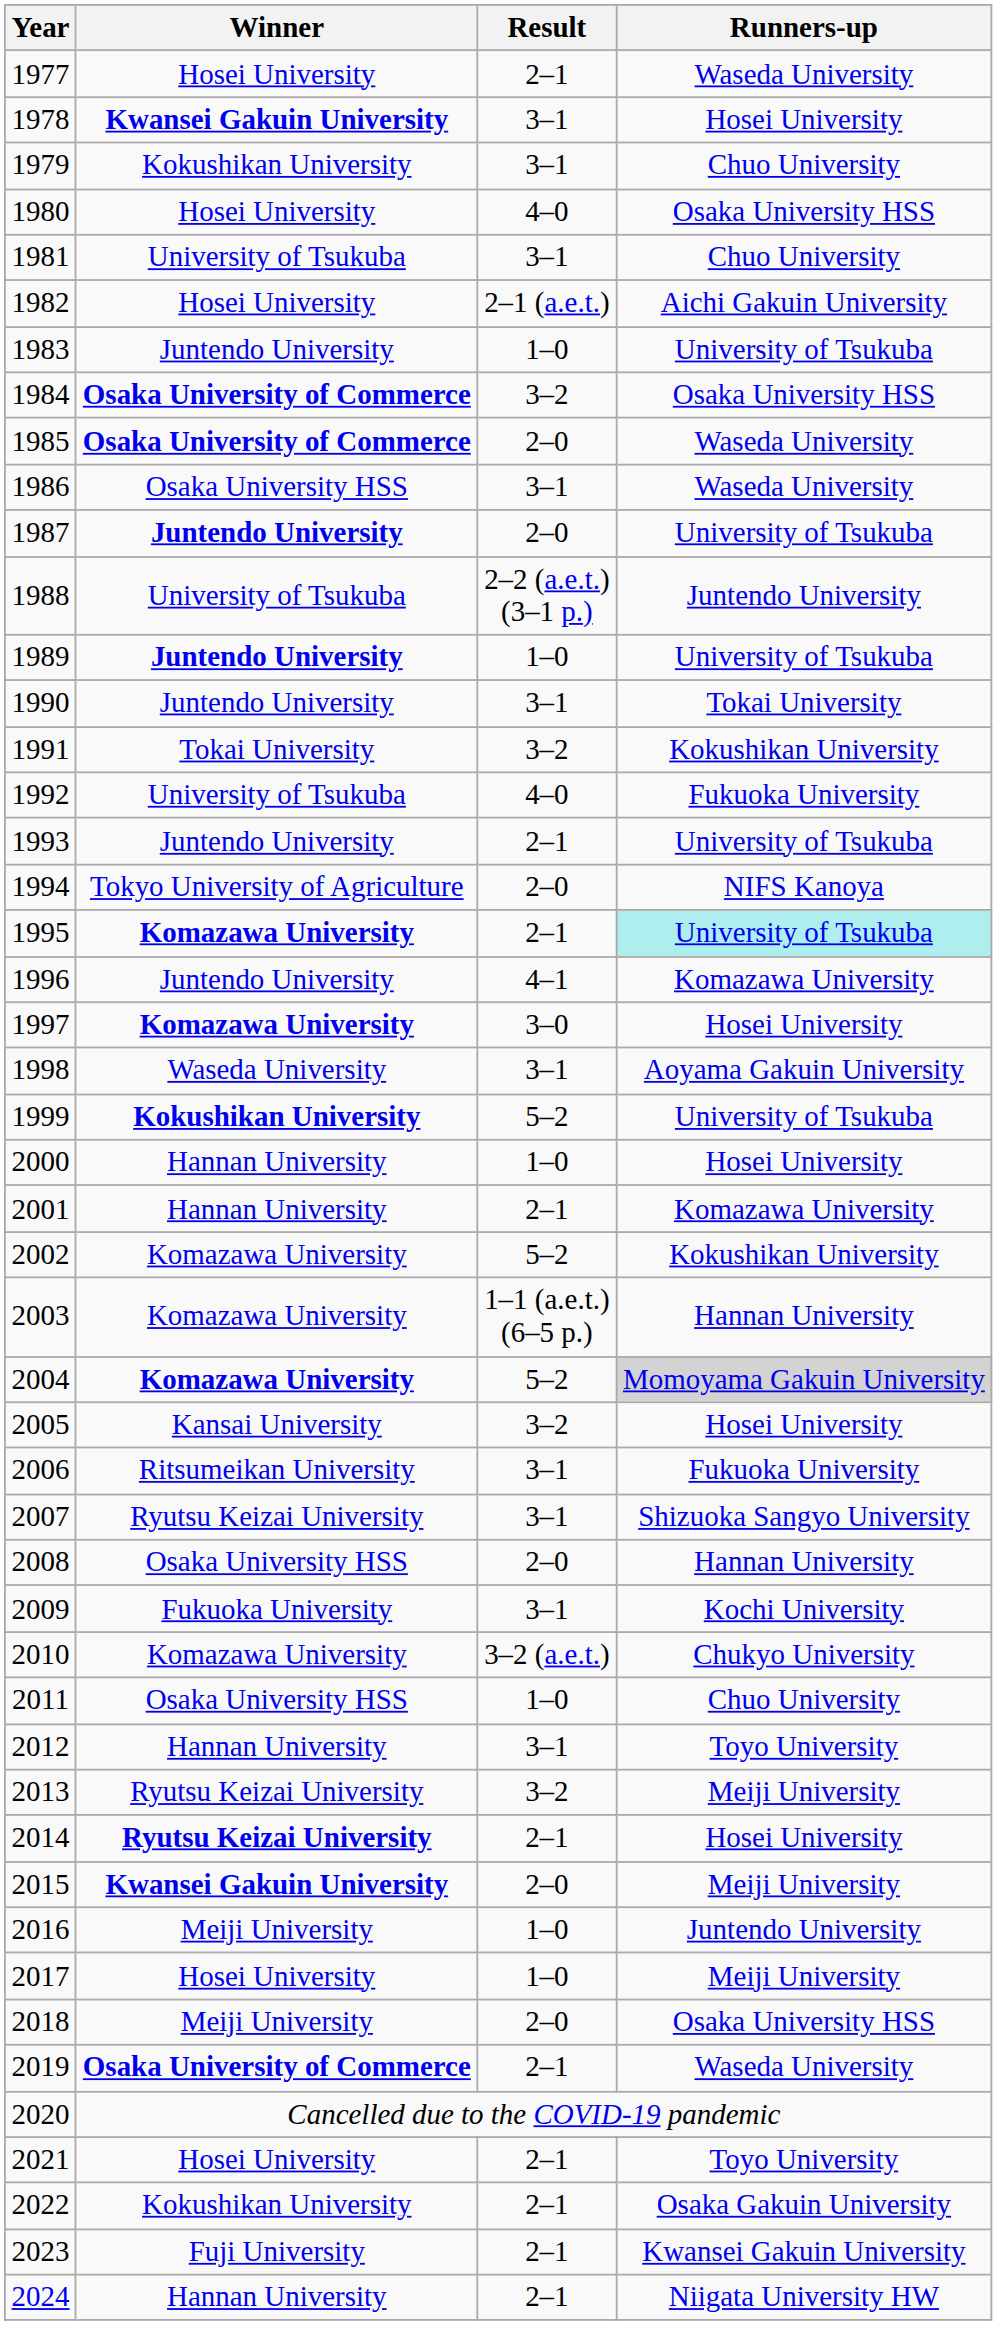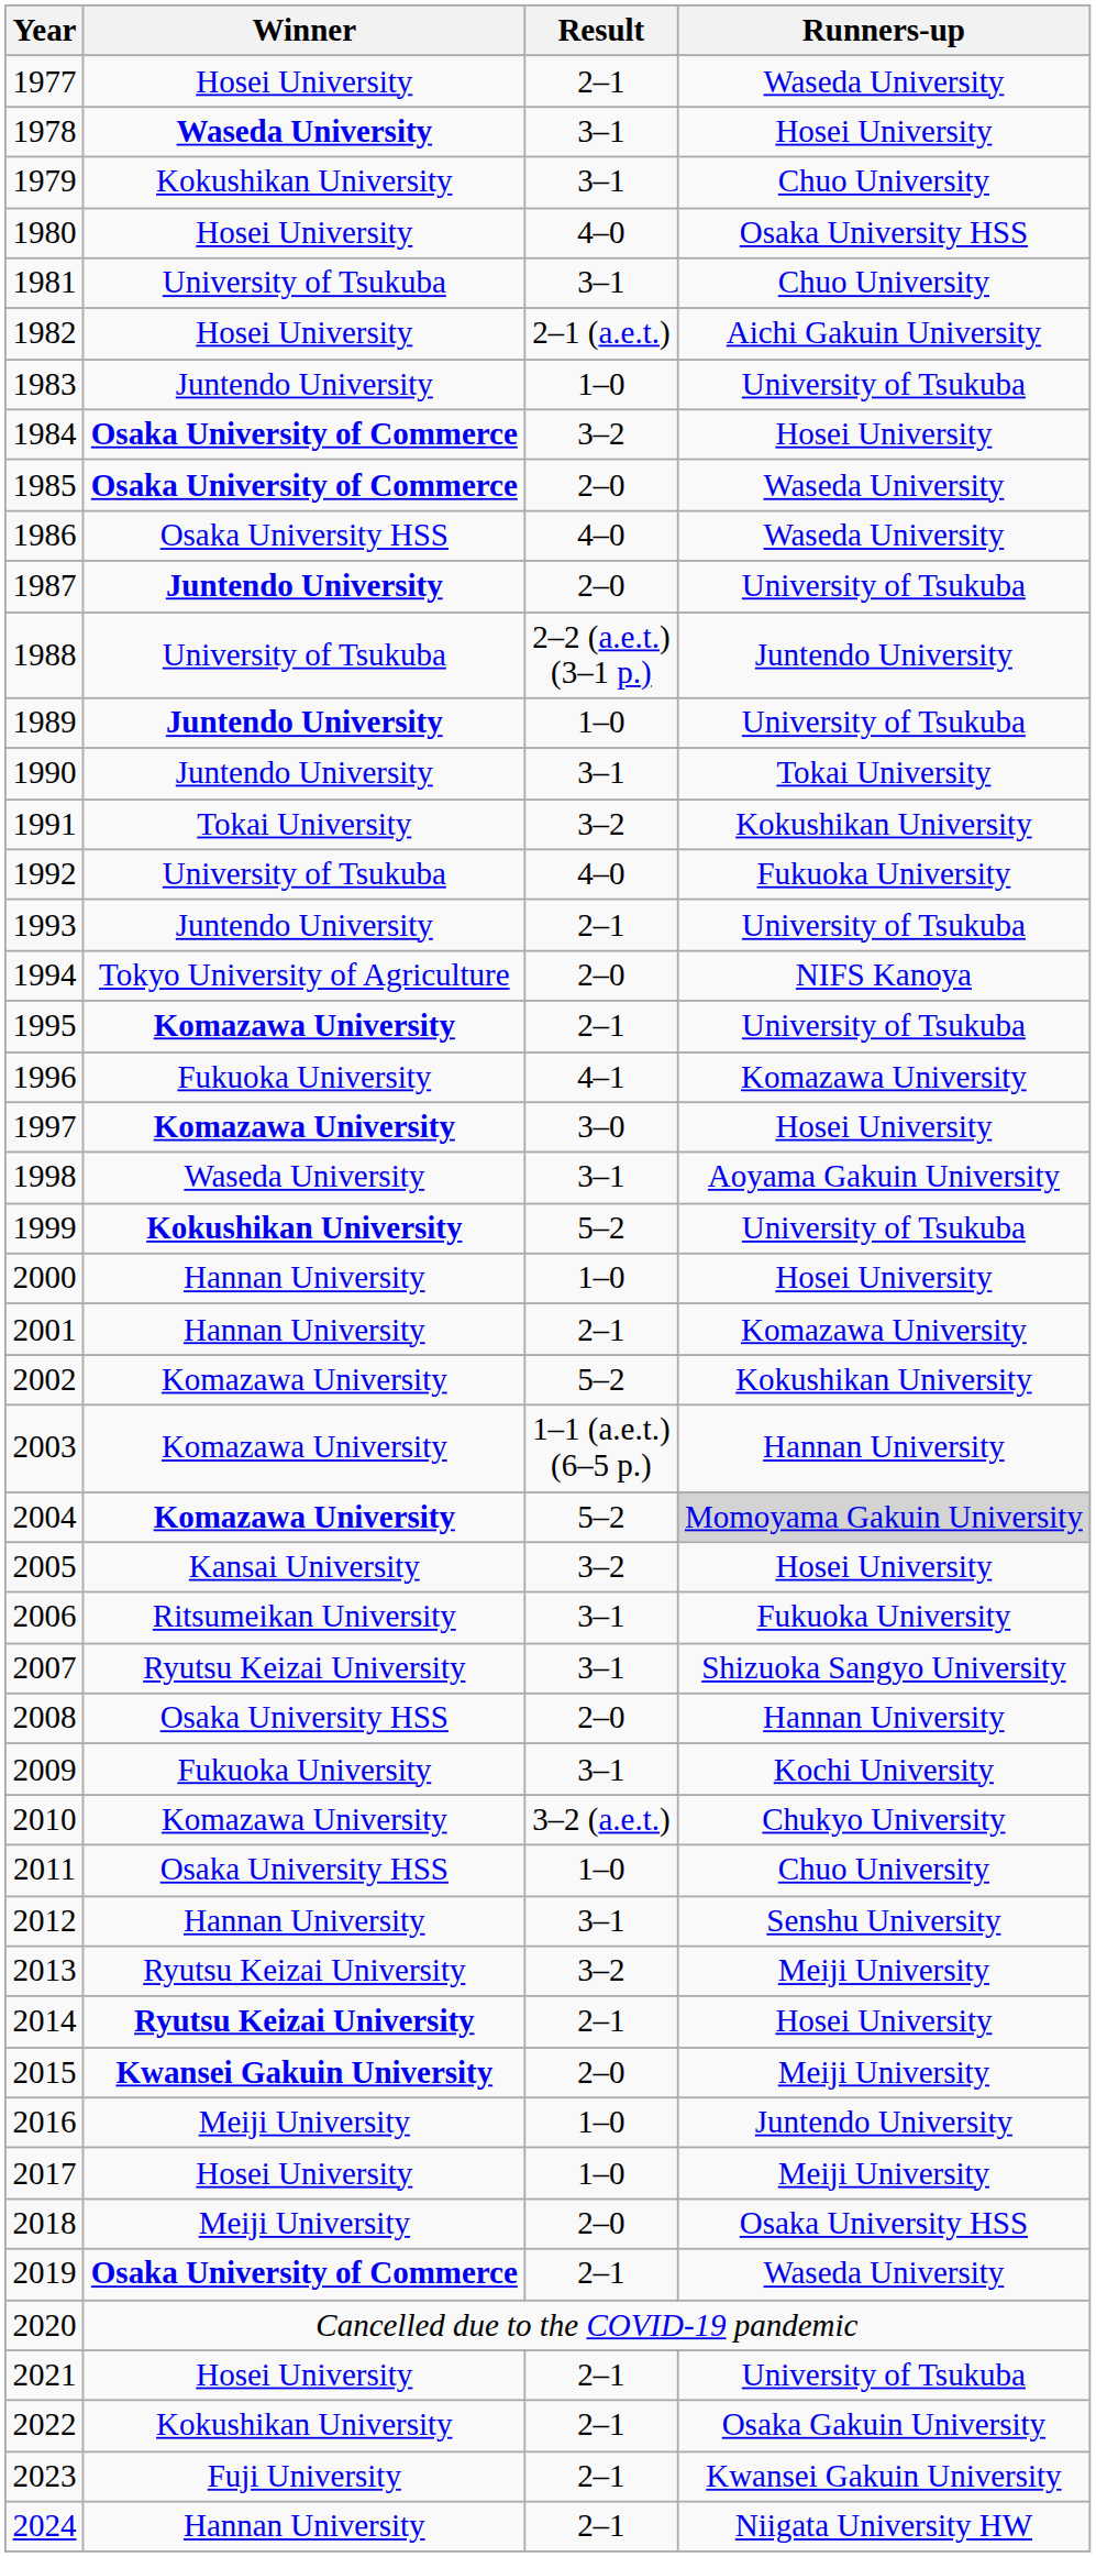 <table class="sortable wikitable" style="text-align: center;">
 <tr>
 <th>Year</th>
 <th>Winner</th>
 <th>Result</th>
 <th>Runners-up</th>
 </tr>
 <tr>
 <td>1977</td>
 <td><a href='#'>Hosei University</a></td>
 <td>2–1</td>
 <td><a href='#'>Waseda University</a></td>
 </tr>
 <tr>
 <td>1978</td>
-<td><strong><a href='#'>Kwansei Gakuin University</a></strong></td>
+<td><strong><a href='#'>Waseda  University</a></strong></td>
 <td>3–1</td>
 <td><a href='#'>Hosei University</a></td>
 </tr>
 <tr>
 <td>1979</td>
 <td><a href='#'>Kokushikan University</a></td>
 <td>3–1</td>
 <td><a href='#'>Chuo University</a></td>
 </tr>
 <tr>
 <td>1980</td>
 <td><a href='#'>Hosei University</a></td>
 <td>4–0</td>
 <td><a href='#'>Osaka University HSS</a></td>
 </tr>
 <tr>
 <td>1981</td>
 <td><a href='#'>University of Tsukuba</a></td>
 <td>3–1</td>
 <td><a href='#'>Chuo University</a></td>
 </tr>
 <tr>
 <td>1982</td>
 <td><a href='#'>Hosei University</a></td>
 <td>2–1 (<a href='#'>a.e.t.</a>)</td>
 <td><a href='#'>Aichi Gakuin University</a></td>
 </tr>
 <tr>
 <td>1983</td>
 <td><a href='#'>Juntendo University</a></td>
 <td>1–0</td>
 <td><a href='#'>University of Tsukuba</a></td>
 </tr>
 <tr>
 <td>1984</td>
 <td><strong><a href='#'>Osaka University of Commerce</a></strong></td>
 <td>3–2</td>
-<td><a href='#'>Osaka University HSS</a></td>
+<td><a href='#'>Hosei University</a></td>
 </tr>
 <tr>
 <td>1985</td>
 <td><strong><a href='#'>Osaka University of Commerce</a></strong></td>
 <td>2–0</td>
 <td><a href='#'>Waseda University</a></td>
 </tr>
 <tr>
 <td>1986</td>
 <td><a href='#'>Osaka University HSS</a></td>
-<td>3–1</td>
+<td>4–0</td>
 <td><a href='#'>Waseda University</a></td>
 </tr>
 <tr>
 <td>1987</td>
 <td><strong><a href='#'>Juntendo University</a></strong></td>
 <td>2–0</td>
 <td><a href='#'>University of Tsukuba</a></td>
 </tr>
 <tr>
 <td>1988</td>
 <td><a href='#'>University of Tsukuba</a></td>
 <td>2–2 (<a href='#'>a.e.t.</a>)<br>(3–1 <a href='#'>p.)</a></td>
 <td><a href='#'>Juntendo University</a></td>
 </tr>
 <tr>
 <td>1989</td>
 <td><strong><a href='#'>Juntendo University</a></strong></td>
 <td>1–0</td>
 <td><a href='#'>University of Tsukuba</a></td>
 </tr>
 <tr>
 <td>1990</td>
 <td><a href='#'>Juntendo University</a></td>
 <td>3–1</td>
 <td><a href='#'>Tokai University</a></td>
 </tr>
 <tr>
 <td>1991</td>
 <td><a href='#'>Tokai University</a></td>
 <td>3–2</td>
 <td><a href='#'>Kokushikan University</a></td>
 </tr>
 <tr>
 <td>1992</td>
 <td><a href='#'>University of Tsukuba</a></td>
 <td>4–0</td>
 <td><a href='#'>Fukuoka University</a></td>
 </tr>
 <tr>
 <td>1993</td>
 <td><a href='#'>Juntendo University</a></td>
 <td>2–1</td>
 <td><a href='#'>University of Tsukuba</a></td>
 </tr>
 <tr>
 <td>1994</td>
 <td><a href='#'>Tokyo University of Agriculture</a></td>
 <td>2–0</td>
 <td><a href='#'>NIFS Kanoya</a></td>
 </tr>
 <tr>
 <td>1995</td>
 <td><strong><a href='#'>Komazawa University</a></strong></td>
 <td>2–1</td>
-<td style="background: paleturquoise;"><a href='#'>University of Tsukuba</a></td>
+<td><a href='#'>University of Tsukuba</a></td>
 </tr>
 <tr>
 <td>1996</td>
-<td><a href='#'>Juntendo University</a></td>
+<td><a href='#'>Fukuoka University</a></td>
 <td>4–1</td>
 <td><a href='#'>Komazawa University</a></td>
 </tr>
 <tr>
 <td>1997</td>
 <td><strong><a href='#'>Komazawa University</a></strong></td>
 <td>3–0</td>
 <td><a href='#'>Hosei University</a></td>
 </tr>
 <tr>
 <td>1998</td>
 <td><a href='#'>Waseda University</a></td>
 <td>3–1</td>
 <td><a href='#'>Aoyama Gakuin University</a></td>
 </tr>
 <tr>
 <td>1999</td>
 <td><strong><a href='#'>Kokushikan University</a></strong></td>
 <td>5–2</td>
 <td><a href='#'>University of Tsukuba</a></td>
 </tr>
 <tr>
 <td>2000</td>
 <td><a href='#'>Hannan University</a></td>
 <td>1–0</td>
 <td><a href='#'>Hosei University</a></td>
 </tr>
 <tr>
 <td>2001</td>
 <td><a href='#'>Hannan University</a></td>
 <td>2–1</td>
 <td><a href='#'>Komazawa University</a></td>
 </tr>
 <tr>
 <td>2002</td>
 <td><a href='#'>Komazawa University</a></td>
 <td>5–2</td>
 <td><a href='#'>Kokushikan University</a></td>
 </tr>
 <tr>
 <td>2003</td>
 <td><a href='#'>Komazawa University</a></td>
 <td>1–1 (a.e.t.)<br>(6–5 p.)</td>
 <td><a href='#'>Hannan University</a></td>
 </tr>
 <tr>
 <td>2004</td>
 <td><strong><a href='#'>Komazawa University</a></strong></td>
 <td>5–2</td>
 <td style="background: lightgrey;"><a href='#'>Momoyama Gakuin University</a></td>
 </tr>
 <tr>
 <td>2005</td>
 <td><a href='#'>Kansai University</a></td>
 <td>3–2</td>
 <td><a href='#'>Hosei University</a></td>
 </tr>
 <tr>
 <td>2006</td>
 <td><a href='#'>Ritsumeikan University</a></td>
 <td>3–1</td>
 <td><a href='#'>Fukuoka University</a></td>
 </tr>
 <tr>
 <td>2007</td>
 <td><a href='#'>Ryutsu Keizai University</a></td>
 <td>3–1</td>
 <td><a href='#'>Shizuoka Sangyo University</a></td>
 </tr>
 <tr>
 <td>2008</td>
 <td><a href='#'>Osaka University HSS</a></td>
 <td>2–0</td>
 <td><a href='#'>Hannan University</a></td>
 </tr>
 <tr>
 <td>2009</td>
 <td><a href='#'>Fukuoka University</a></td>
 <td>3–1</td>
 <td><a href='#'>Kochi University</a></td>
 </tr>
 <tr>
 <td>2010</td>
 <td><a href='#'>Komazawa University</a></td>
 <td>3–2 (<a href='#'>a.e.t.</a>)</td>
 <td><a href='#'>Chukyo University</a></td>
 </tr>
 <tr>
 <td>2011</td>
 <td><a href='#'>Osaka University HSS</a></td>
 <td>1–0</td>
 <td><a href='#'>Chuo University</a></td>
 </tr>
 <tr>
 <td>2012</td>
 <td><a href='#'>Hannan University</a></td>
 <td>3–1</td>
-<td><a href='#'>Toyo University</a></td>
+<td><a href='#'>Senshu University</a></td>
 </tr>
 <tr>
 <td>2013</td>
 <td><a href='#'>Ryutsu Keizai University</a></td>
 <td>3–2</td>
 <td><a href='#'>Meiji University</a></td>
 </tr>
 <tr>
 <td>2014</td>
 <td><strong><a href='#'>Ryutsu Keizai University</a></strong></td>
 <td>2–1</td>
 <td><a href='#'>Hosei University</a></td>
 </tr>
 <tr>
 <td>2015</td>
 <td><strong><a href='#'>Kwansei Gakuin University</a></strong></td>
 <td>2–0</td>
 <td><a href='#'>Meiji University</a></td>
 </tr>
 <tr>
 <td>2016</td>
 <td><a href='#'>Meiji University</a></td>
 <td>1–0</td>
 <td><a href='#'>Juntendo University</a></td>
 </tr>
 <tr>
 <td>2017</td>
 <td><a href='#'>Hosei University</a></td>
 <td>1–0</td>
 <td><a href='#'>Meiji University</a></td>
 </tr>
 <tr>
 <td>2018</td>
 <td><a href='#'>Meiji University</a></td>
 <td>2–0</td>
 <td><a href='#'>Osaka University HSS</a></td>
 </tr>
 <tr>
 <td>2019</td>
 <td><strong><a href='#'>Osaka University of Commerce</a></strong></td>
 <td>2–1</td>
 <td><a href='#'>Waseda University</a></td>
 </tr>
 <tr>
 <td>2020</td>
 <td colspan="3"><em>Cancelled due to the <a href='#'>COVID-19</a> pandemic</td>
 </tr>
 <tr>
 <td>2021</td>
 <td><a href='#'>Hosei University</a></td>
 <td>2–1</td>
-<td><a href='#'>Toyo University</a></td>
+<td><a href='#'>University of Tsukuba</a></td>
 </tr>
 <tr>
 <td>2022</td>
 <td><a href='#'>Kokushikan University</a></td>
 <td>2–1</td>
 <td><a href='#'>Osaka Gakuin University</a></td>
 </tr>
 <tr>
 <td>2023</td>
 <td><a href='#'>Fuji University</a></td>
 <td>2–1</td>
 <td><a href='#'>Kwansei Gakuin University</a></td>
 </tr>
 <tr>
 <td><a href='#'>2024</a></td>
 <td><a href='#'>Hannan University</a></td>
 <td>2–1</td>
 <td><a href='#'>Niigata University HW</a></td>
 </tr>
 </table>
